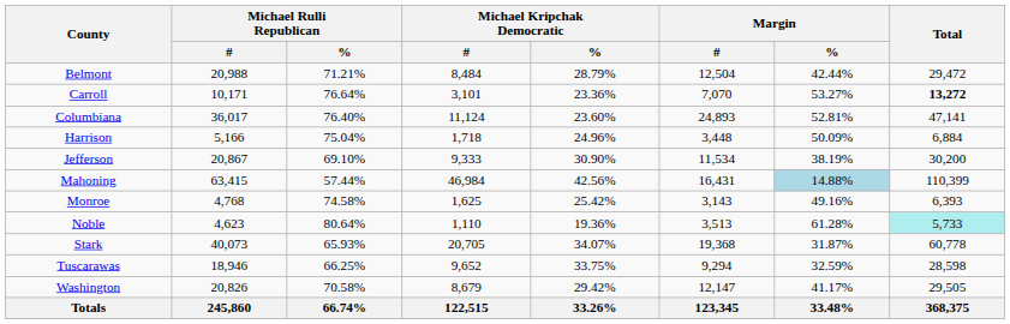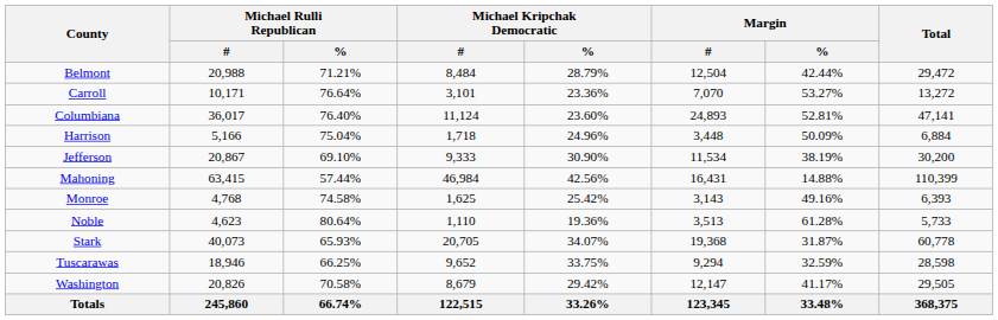 <table width="60%" class="wikitable sortable">
 <tr>
 <th rowspan="2">County</th>
 <th colspan="2">Michael Rulli<br>Republican</th>
 <th colspan="2">Michael Kripchak<br>Democratic</th>
 <th colspan="2">Margin</th>
 <th rowspan="2">Total</th>
 </tr>
 <tr>
 <th style="text-align:center;" data-sort-type="number">#</th>
 <th style="text-align:center;" data-sort-type="number">%</th>
 <th style="text-align:center;" data-sort-type="number">#</th>
 <th style="text-align:center;" data-sort-type="number">%</th>
 <th style="text-align:center;" data-sort-type="number">#</th>
 <th style="text-align:center;" data-sort-type="number">%</th>
 </tr>
 <tr style="text-align:center;">
 <td><a href='#'>Belmont</a></td>
 <td>20,988</td>
 <td>71.21%</td>
 <td>8,484</td>
 <td>28.79%</td>
 <td>12,504</td>
 <td>42.44%</td>
 <td>29,472</td>
 </tr>
 <tr style="text-align:center;">
 <td><a href='#'>Carroll</a></td>
 <td>10,171</td>
 <td>76.64%</td>
 <td>3,101</td>
 <td>23.36%</td>
 <td>7,070</td>
 <td>53.27%</td>
-<td><strong>13,272</strong></td>
+<td>13,272</td>
 </tr>
 <tr style="text-align:center;">
 <td><a href='#'>Columbiana</a></td>
 <td>36,017</td>
 <td>76.40%</td>
 <td>11,124</td>
 <td>23.60%</td>
 <td>24,893</td>
 <td>52.81%</td>
 <td>47,141</td>
 </tr>
 <tr style="text-align:center;">
 <td><a href='#'>Harrison</a></td>
 <td>5,166</td>
 <td>75.04%</td>
 <td>1,718</td>
 <td>24.96%</td>
 <td>3,448</td>
 <td>50.09%</td>
 <td>6,884</td>
 </tr>
 <tr style="text-align:center;">
 <td><a href='#'>Jefferson</a></td>
 <td>20,867</td>
 <td>69.10%</td>
 <td>9,333</td>
 <td>30.90%</td>
 <td>11,534</td>
 <td>38.19%</td>
 <td>30,200</td>
 </tr>
 <tr style="text-align:center;">
 <td><a href='#'>Mahoning</a></td>
 <td>63,415</td>
 <td>57.44%</td>
 <td>46,984</td>
 <td>42.56%</td>
 <td>16,431</td>
-<td style="background: lightblue;">14.88%</td>
+<td>14.88%</td>
 <td>110,399</td>
 </tr>
 <tr style="text-align:center;">
 <td><a href='#'>Monroe</a></td>
 <td>4,768</td>
 <td>74.58%</td>
 <td>1,625</td>
 <td>25.42%</td>
 <td>3,143</td>
 <td>49.16%</td>
 <td>6,393</td>
 </tr>
 <tr style="text-align:center;">
 <td><a href='#'>Noble</a></td>
 <td>4,623</td>
 <td>80.64%</td>
 <td>1,110</td>
 <td>19.36%</td>
 <td>3,513</td>
 <td>61.28%</td>
-<td style="background: paleturquoise;">5,733</td>
+<td>5,733</td>
 </tr>
 <tr style="text-align:center;">
 <td><a href='#'>Stark</a></td>
 <td>40,073</td>
 <td>65.93%</td>
 <td>20,705</td>
 <td>34.07%</td>
 <td>19,368</td>
 <td>31.87%</td>
 <td>60,778</td>
 </tr>
 <tr style="text-align:center;">
 <td><a href='#'>Tuscarawas</a></td>
 <td>18,946</td>
 <td>66.25%</td>
 <td>9,652</td>
 <td>33.75%</td>
 <td>9,294</td>
 <td>32.59%</td>
 <td>28,598</td>
 </tr>
 <tr style="text-align:center;">
 <td><a href='#'>Washington</a></td>
 <td>20,826</td>
 <td>70.58%</td>
 <td>8,679</td>
 <td>29.42%</td>
 <td>12,147</td>
 <td>41.17%</td>
 <td>29,505</td>
 </tr>
 <tr style="text-align:center;">
 <th>Totals</th>
 <th>245,860</th>
 <th>66.74%</th>
 <th>122,515</th>
 <th>33.26%</th>
 <th>123,345</th>
 <th>33.48%</th>
 <th>368,375</th>
 </tr>
 </table>
